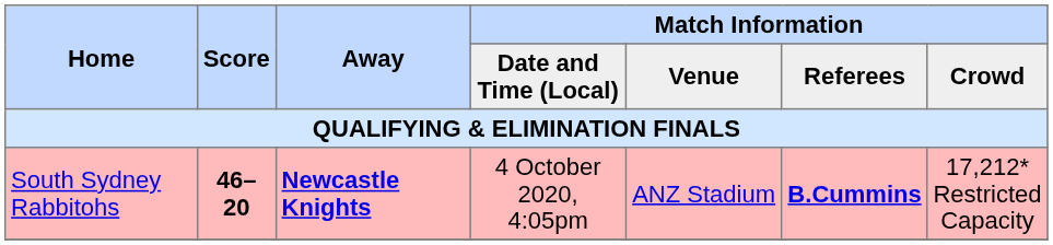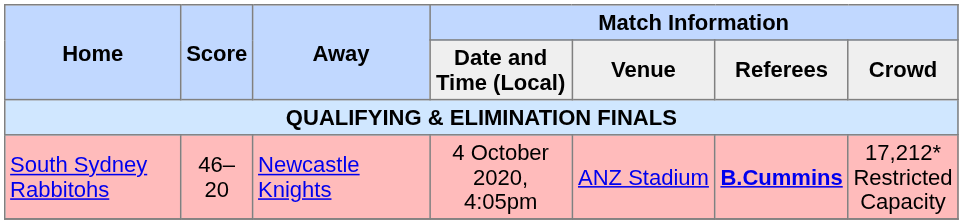 <table border="1" cellpadding="3" cellspacing="0" style="border-collapse:collapse; font-size:90%; text-align:center; width:100%;">
 <tr style="background:#c1d8ff;">
 <th rowspan="2" style="width:21%;">Home</th>
 <th rowspan="2" style="width:6%;">Score</th>
 <th rowspan="2" style="width:21%;">Away</th>
 <th colspan=6>Match Information</th>
 </tr>
 <tr style="background:#efefef;">
 <th width=17%>Date and Time (Local)</th>
 <th width=17%>Venue</th>
 <th width=11%>Referees</th>
 <th width=7%>Crowd</th>
 </tr>
 <tr style="background:#d0e7ff;">
 <td colspan=7><strong>QUALIFYING & ELIMINATION FINALS</strong></td>
 </tr>
 <tr style="background:#FFBBBB;">
 <td align=left> <a href='#'>South Sydney Rabbitohs</a></td>
-<td><strong>46–20</strong></td>
-<td align=left><strong> <a href='#'>Newcastle Knights</a></strong></td>
+<td>46–20</td>
+<td align=left> <a href='#'>Newcastle Knights</a></td>
 <td>4 October 2020, 4:05pm</td>
 <td><a href='#'>ANZ Stadium</a></td>
 <td><strong><a href='#'>B.Cummins</a></strong></td>
 <td>17,212* Restricted Capacity</td>
 </tr>
 <tr style="background:#d0e7ff;">
 </tr>
 </table>
